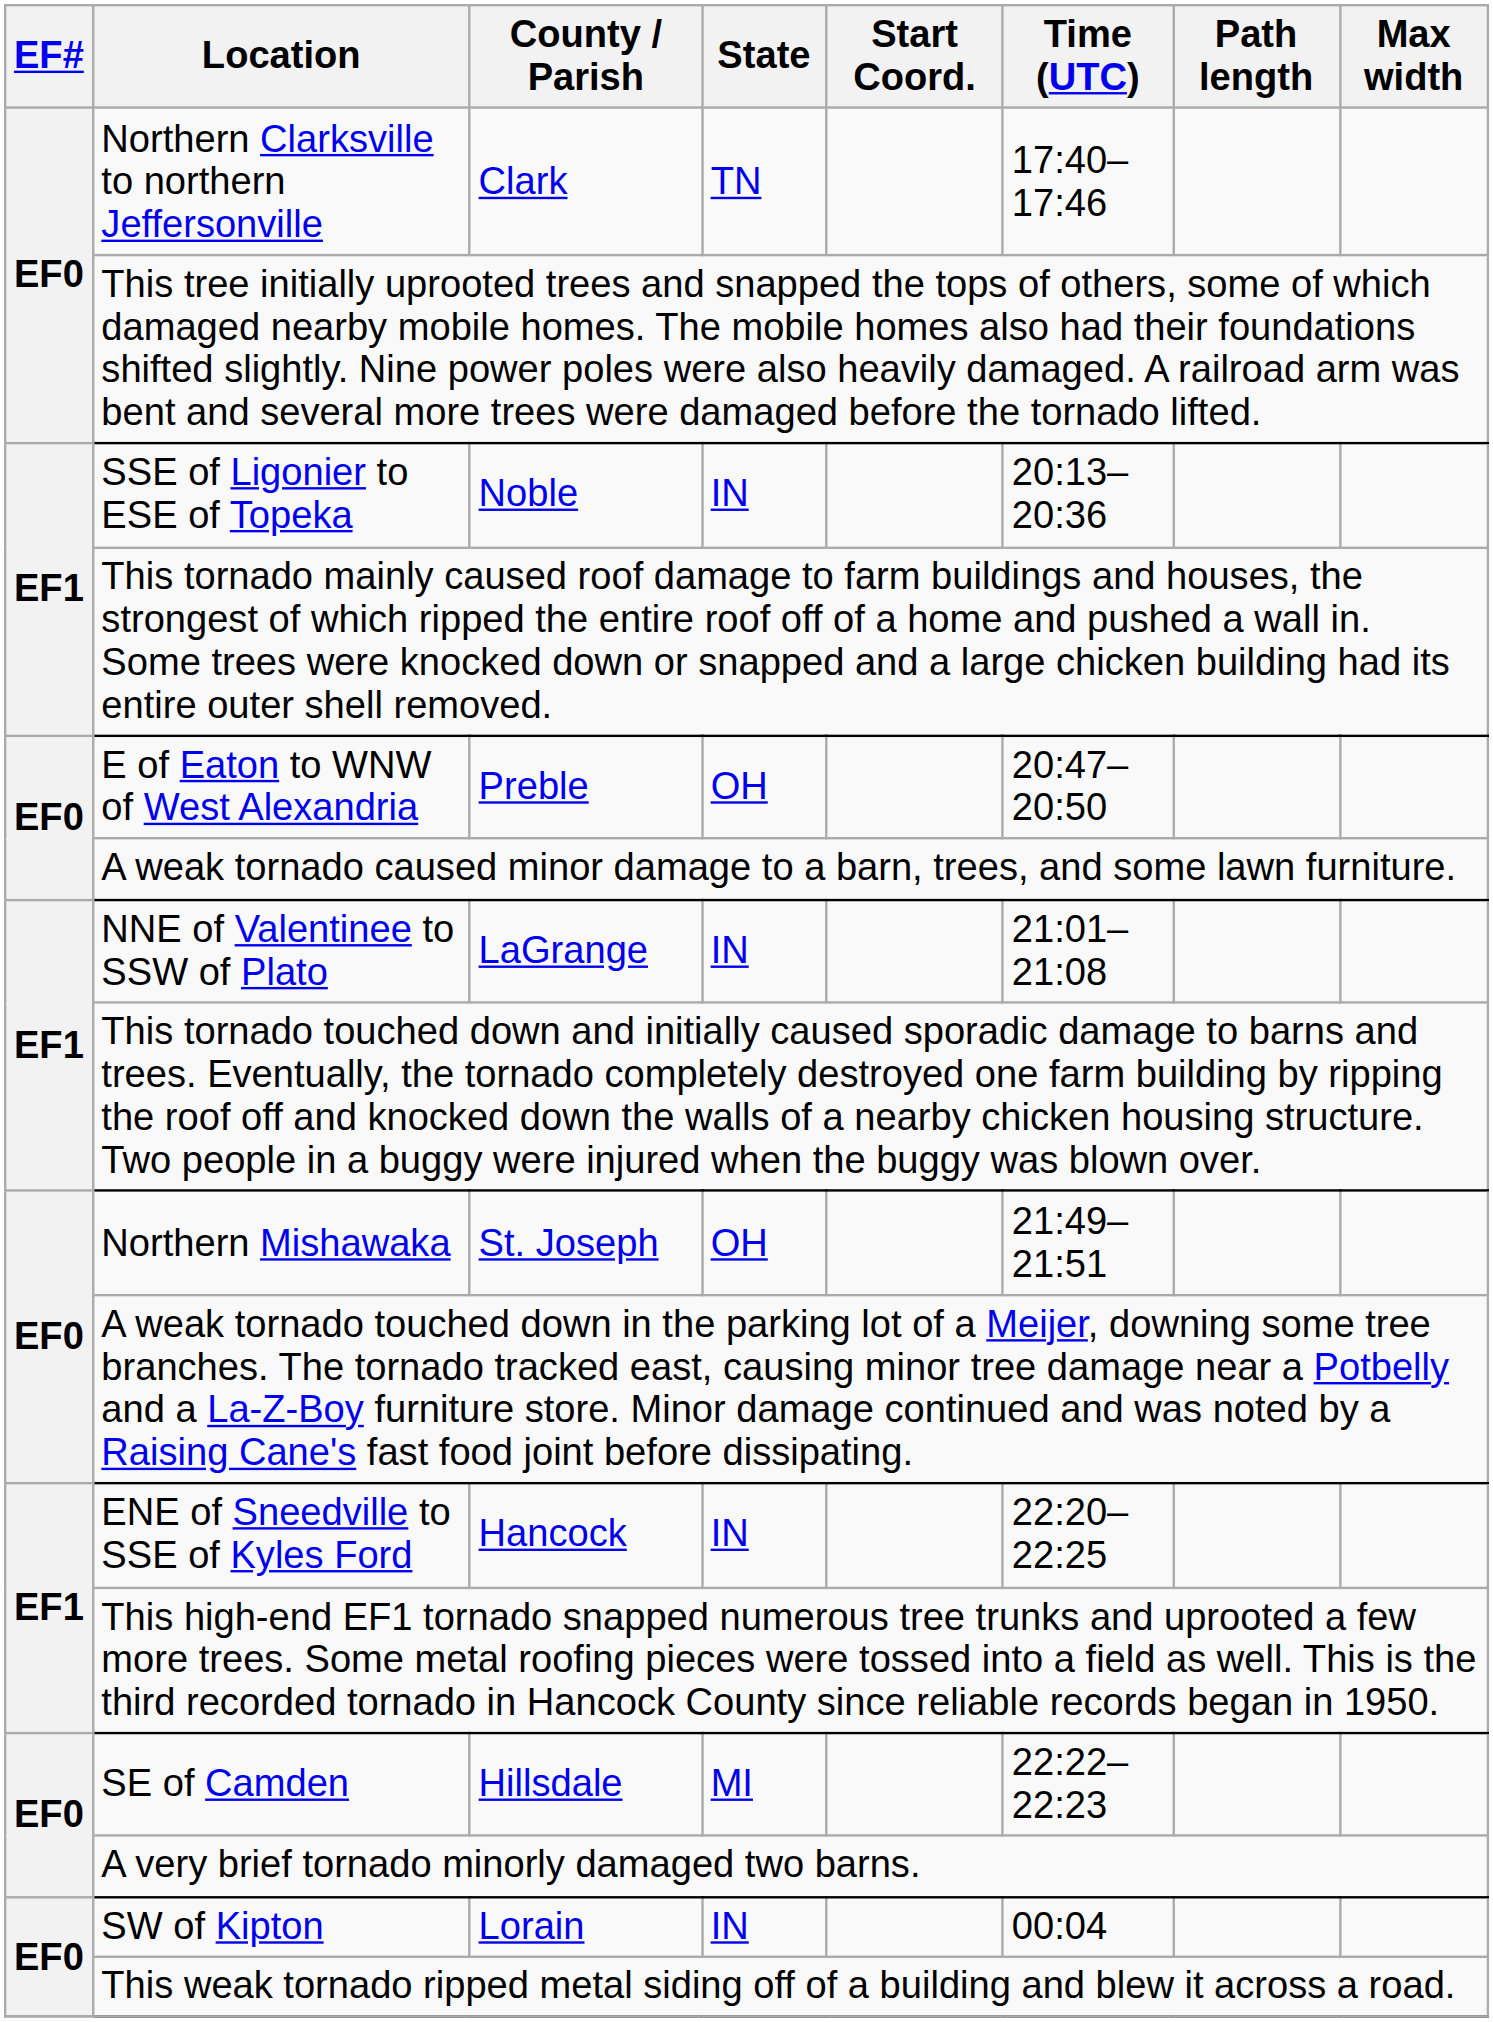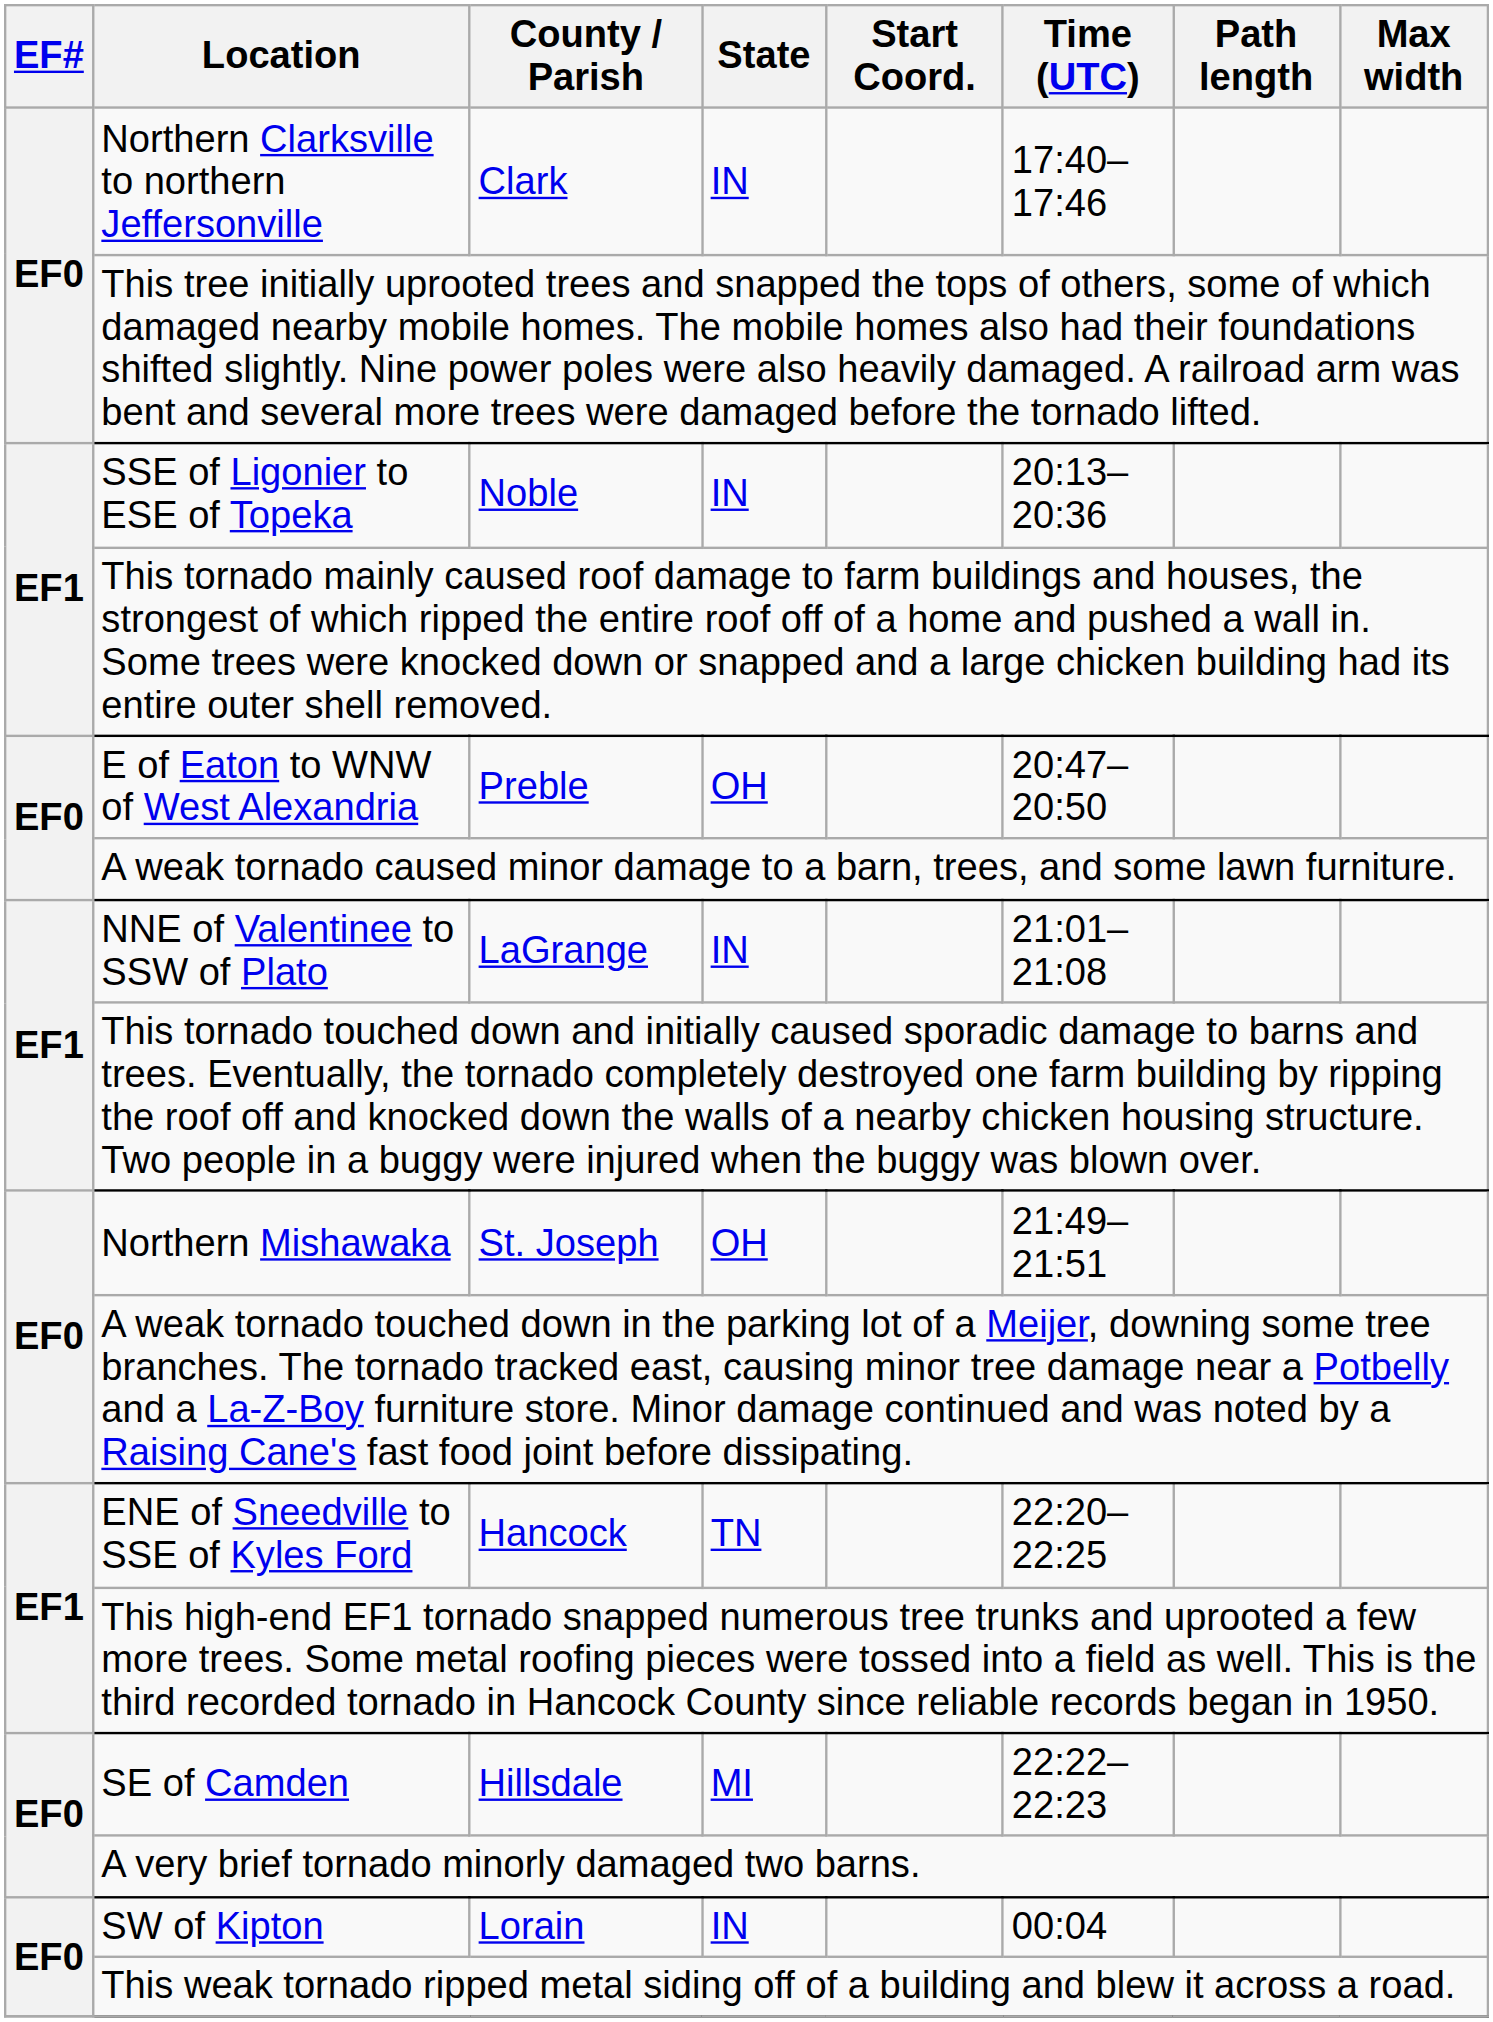 <table class="wikitable sortable" style="width:100%;">
 <tr>
 <th scope="col" width="2%" align="center"><a href='#'>EF#</a></th>
 <th scope="col" align="center" class="unsortable">Location</th>
 <th scope="col" align="center" class="unsortable">County / Parish</th>
 <th scope="col" align="center">State</th>
 <th scope="col" align="center">Start Coord.</th>
 <th scope="col" align="center">Time (<a href='#'>UTC</a>)</th>
 <th scope="col" align="center">Path length</th>
 <th scope="col" align="center">Max width</th>
 </tr>
 <tr>
 <th scope="row" rowspan="2" style="background-color:#">EF0</th>
 <td>Northern <a href='#'>Clarksville</a> to northern <a href='#'>Jeffersonville</a></td>
 <td><a href='#'>Clark</a></td>
-<td><a href='#'>TN</a></td>
+<td><a href='#'>IN</a></td>
 <td></td>
 <td>17:40–17:46</td>
 <td></td>
 <td></td>
 </tr>
 <tr class="expand-child">
 <td colspan="8" style=" border-bottom: 1px solid black;">This tree initially uprooted trees and snapped the tops of others, some of which damaged nearby mobile homes. The mobile homes also had their foundations shifted slightly. Nine power poles were also heavily damaged. A railroad arm was bent and several more trees were damaged before the tornado lifted.</td>
 </tr>
 <tr>
 <th scope="row" rowspan="2" style="background-color:#">EF1</th>
 <td>SSE of <a href='#'>Ligonier</a> to ESE of <a href='#'>Topeka</a></td>
 <td><a href='#'>Noble</a></td>
 <td><a href='#'>IN</a></td>
 <td></td>
 <td>20:13–20:36</td>
 <td></td>
 <td></td>
 </tr>
 <tr class="expand-child">
 <td colspan="8" style=" border-bottom: 1px solid black;">This tornado mainly caused roof damage to farm buildings and houses, the strongest of which ripped the entire roof off of a home and pushed a wall in. Some trees were knocked down or snapped and a large chicken building had its entire outer shell removed.</td>
 </tr>
 <tr>
 <th scope="row" rowspan="2" style="background-color:#">EF0</th>
 <td>E of <a href='#'>Eaton</a> to WNW of <a href='#'>West Alexandria</a></td>
 <td><a href='#'>Preble</a></td>
 <td><a href='#'>OH</a></td>
 <td></td>
 <td>20:47–20:50</td>
 <td></td>
 <td></td>
 </tr>
 <tr class="expand-child">
 <td colspan="8" style=" border-bottom: 1px solid black;">A weak tornado caused minor damage to a barn, trees, and some lawn furniture.</td>
 </tr>
 <tr>
 <th scope="row" rowspan="2" style="background-color:#">EF1</th>
 <td>NNE of <a href='#'>Valentinee</a> to SSW of <a href='#'>Plato</a></td>
 <td><a href='#'>LaGrange</a></td>
 <td><a href='#'>IN</a></td>
 <td></td>
 <td>21:01–21:08</td>
 <td></td>
 <td></td>
 </tr>
 <tr class="expand-child">
 <td colspan="8" style=" border-bottom: 1px solid black;">This tornado touched down and initially caused sporadic damage to barns and trees. Eventually, the tornado completely destroyed one farm building by ripping the roof off and knocked down the walls of a nearby chicken housing structure. Two people in a buggy were injured when the buggy was blown over.</td>
 </tr>
 <tr>
 <th scope="row" rowspan="2" style="background-color:#">EF0</th>
 <td>Northern <a href='#'>Mishawaka</a></td>
 <td><a href='#'>St. Joseph</a></td>
 <td><a href='#'>OH</a></td>
 <td></td>
 <td>21:49–21:51</td>
 <td></td>
 <td></td>
 </tr>
 <tr class="expand-child">
 <td colspan="8" style=" border-bottom: 1px solid black;">A weak tornado touched down in the parking lot of a <a href='#'>Meijer</a>, downing some tree branches. The tornado tracked east, causing minor tree damage near a <a href='#'>Potbelly</a> and a <a href='#'>La-Z-Boy</a> furniture store. Minor damage continued and was noted by a <a href='#'>Raising Cane's</a> fast food joint before dissipating.</td>
 </tr>
 <tr>
 <th scope="row" rowspan="2" style="background-color:#">EF1</th>
 <td>ENE of <a href='#'>Sneedville</a> to SSE of <a href='#'>Kyles Ford</a></td>
 <td><a href='#'>Hancock</a></td>
-<td><a href='#'>IN</a></td>
+<td><a href='#'>TN</a></td>
 <td></td>
 <td>22:20–22:25</td>
 <td></td>
 <td></td>
 </tr>
 <tr class="expand-child">
 <td colspan="8" style=" border-bottom: 1px solid black;">This high-end EF1 tornado snapped numerous tree trunks and uprooted a few more trees. Some metal roofing pieces were tossed into a field as well. This is the third recorded tornado in Hancock County since reliable records began in 1950.</td>
 </tr>
 <tr>
 <th scope="row" rowspan="2" style="background-color:#">EF0</th>
 <td>SE of <a href='#'>Camden</a></td>
 <td><a href='#'>Hillsdale</a></td>
 <td><a href='#'>MI</a></td>
 <td></td>
 <td>22:22–22:23</td>
 <td></td>
 <td></td>
 </tr>
 <tr class="expand-child">
 <td colspan="8" style=" border-bottom: 1px solid black;">A very brief tornado minorly damaged two barns.</td>
 </tr>
 <tr>
 <th scope="row" rowspan="2" style="background-color:#">EF0</th>
 <td>SW of <a href='#'>Kipton</a></td>
 <td><a href='#'>Lorain</a></td>
 <td><a href='#'>IN</a></td>
 <td></td>
 <td>00:04</td>
 <td></td>
 <td></td>
 </tr>
 <tr class="expand-child">
 <td colspan="8" style=" border-bottom: 1px solid black;">This weak tornado ripped metal siding off of a building and blew it across a road.</td>
 </tr>
 <tr>
 </tr>
 </table>
